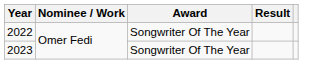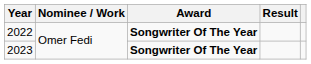 <table class="wikitable">
 <tr>
 <th>Year</th>
 <th>Nominee / Work</th>
 <th>Award</th>
 <th>Result</th>
 <th></th>
 </tr>
 <tr>
 <td>2022</td>
 <td rowspan="2">Omer Fedi</td>
-<td>Songwriter Of The Year</td>
+<td><strong>Songwriter Of The Year</strong></td>
 <td></td>
 <td align="center"></td>
 </tr>
 <tr>
 <td>2023</td>
-<td>Songwriter Of The Year</td>
+<td><strong>Songwriter Of The Year</strong></td>
 <td></td>
 <td align="center"></td>
 </tr>
 </table>
